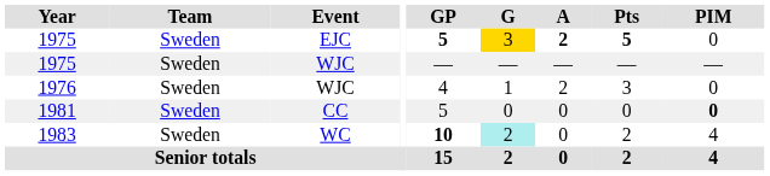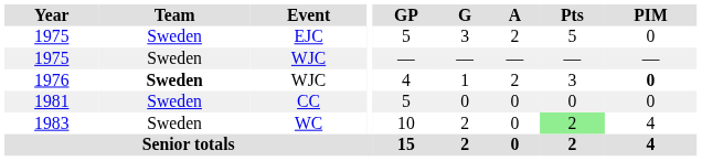 <table border="0" cellpadding="1" cellspacing="0" ID="Table3" style="text-align:center; width:40em">
 <tr bgcolor="#e0e0e0">
 <th>Year</th>
 <th>Team</th>
 <th>Event</th>
 <th rowspan="102" bgcolor="#ffffff"></th>
 <th>GP</th>
 <th>G</th>
 <th>A</th>
 <th>Pts</th>
 <th>PIM</th>
 </tr>
 <tr>
 <td><a href='#'>1975</a></td>
 <td><a href='#'>Sweden</a></td>
 <td><a href='#'>EJC</a></td>
-<td><strong>5</strong></td>
-<td style="background: gold;">3</td>
-<td><strong>2</strong></td>
-<td><strong>5</strong></td>
+<td>5</td>
+<td>3</td>
+<td>2</td>
+<td>5</td>
 <td>0</td>
 </tr>
 <tr bgcolor="#f0f0f0">
 <td><a href='#'>1975</a></td>
 <td>Sweden</td>
 <td><a href='#'>WJC</a></td>
 <td>—</td>
 <td>—</td>
 <td>—</td>
 <td>—</td>
 <td>—</td>
 </tr>
 <tr>
 <td><a href='#'>1976</a></td>
-<td>Sweden</td>
+<td><strong>Sweden</strong></td>
 <td>WJC</td>
 <td>4</td>
 <td>1</td>
 <td>2</td>
 <td>3</td>
-<td>0</td>
+<td><strong>0</strong></td>
 </tr>
 <tr bgcolor="#f0f0f0">
 <td><a href='#'>1981</a></td>
 <td><a href='#'>Sweden</a></td>
 <td><a href='#'>CC</a></td>
 <td>5</td>
 <td>0</td>
 <td>0</td>
 <td>0</td>
-<td><strong>0</strong></td>
+<td>0</td>
 </tr>
 <tr>
 <td><a href='#'>1983</a></td>
 <td>Sweden</td>
 <td><a href='#'>WC</a></td>
-<td><strong>10</strong></td>
-<td style="background: paleturquoise;">2</td>
+<td>10</td>
+<td>2</td>
 <td>0</td>
-<td>2</td>
+<td style="background: lightgreen;">2</td>
 <td>4</td>
 </tr>
 <tr bgcolor="#e0e0e0">
 <th colspan="4">Senior totals</th>
 <th>15</th>
 <th>2</th>
 <th>0</th>
 <th>2</th>
 <th>4</th>
 </tr>
 </table>
